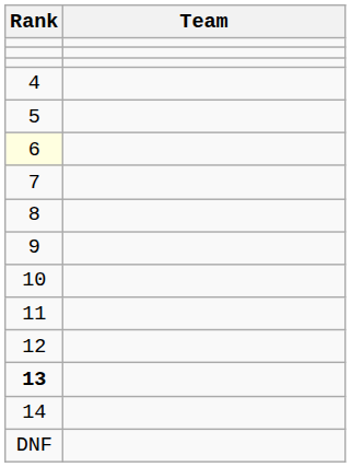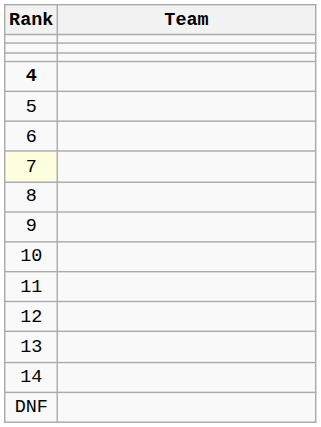 <table class="wikitable" style="text-align:center;">
 <tr>
 <th>Rank</th>
 <th width=175>Team</th>
 </tr>
 <tr>
 <td></td>
 <td align=left></td>
 </tr>
 <tr>
 <td></td>
 <td align=left></td>
 </tr>
 <tr>
 <td></td>
 <td align=left></td>
 </tr>
 <tr>
-<td>4</td>
+<td><strong>4</strong></td>
 <td align=left></td>
 </tr>
 <tr>
 <td>5</td>
 <td align=left></td>
 </tr>
 <tr>
-<td style="background: lightyellow;">6</td>
+<td>6</td>
 <td align=left></td>
 </tr>
 <tr>
-<td>7</td>
+<td style="background: lightyellow;">7</td>
 <td align=left></td>
 </tr>
 <tr>
 <td>8</td>
 <td align=left></td>
 </tr>
 <tr>
 <td>9</td>
 <td align=left></td>
 </tr>
 <tr>
 <td>10</td>
 <td align=left></td>
 </tr>
 <tr>
 <td>11</td>
 <td align=left></td>
 </tr>
 <tr>
 <td>12</td>
 <td align=left></td>
 </tr>
 <tr>
-<td><strong>13</strong></td>
+<td>13</td>
 <td align=left></td>
 </tr>
 <tr>
 <td>14</td>
 <td align=left></td>
 </tr>
 <tr>
 <td>DNF</td>
 <td align=left></td>
 </tr>
 </table>
